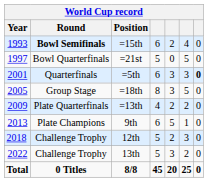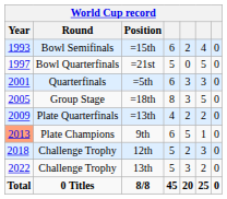 <table class="wikitable" style="text-align: center;">
 <tr>
 <th colspan=10><a href='#'>World Cup record</a></th>
 </tr>
 <tr>
 <th>Year</th>
 <th>Round</th>
 <th>Position</th>
 <th></th>
 <th></th>
 <th></th>
 <th></th>
 </tr>
 <tr bgcolor=#ddeeff>
 <td> <a href='#'>1993</a></td>
-<td><strong>Bowl Semifinals</strong></td>
+<td>Bowl Semifinals</td>
 <td>=15th</td>
 <td>6</td>
 <td>2</td>
 <td>4</td>
 <td>0</td>
 </tr>
 <tr>
 <td> <a href='#'>1997</a></td>
 <td>Bowl Quarterfinals</td>
 <td>=21st</td>
 <td>5</td>
 <td>0</td>
 <td>5</td>
 <td>0</td>
 </tr>
 <tr bgcolor=#ddeeff>
 <td> <a href='#'>2001</a></td>
 <td>Quarterfinals</td>
 <td>=5th</td>
 <td>6</td>
 <td>3</td>
 <td>3</td>
-<td><strong>0</strong></td>
+<td>0</td>
 </tr>
 <tr>
 <td> <a href='#'>2005</a></td>
 <td>Group Stage</td>
 <td>=18th</td>
 <td>8</td>
 <td>3</td>
 <td>5</td>
 <td>0</td>
 </tr>
 <tr bgcolor=#ddeeff>
 <td> <a href='#'>2009</a></td>
 <td>Plate Quarterfinals</td>
 <td>=13th</td>
 <td>4</td>
 <td>2</td>
 <td>2</td>
 <td>0</td>
 </tr>
 <tr>
-<td> <a href='#'>2013</a></td>
+<td style="background: lightsalmon;"> <a href='#'>2013</a></td>
 <td>Plate Champions</td>
 <td>9th</td>
 <td>6</td>
 <td>5</td>
 <td>1</td>
 <td>0</td>
 </tr>
 <tr bgcolor=#ddeeff>
 <td align=left> <a href='#'>2018</a></td>
 <td>Challenge Trophy</td>
 <td>12th</td>
 <td>5</td>
 <td>2</td>
 <td>3</td>
 <td>0</td>
 </tr>
 <tr>
 <td> <a href='#'>2022</a></td>
 <td>Challenge Trophy</td>
 <td>13th</td>
 <td>5</td>
 <td>3</td>
 <td>2</td>
 <td>0</td>
 </tr>
 <tr>
 <td colspan=1><strong>Total</strong></td>
 <td><strong>0 Titles</strong></td>
 <td><strong>8/8</strong></td>
 <td><strong>45</strong></td>
 <td><strong>20</strong></td>
 <td><strong>25</strong></td>
 <td><strong>0</strong></td>
 </tr>
 </table>
